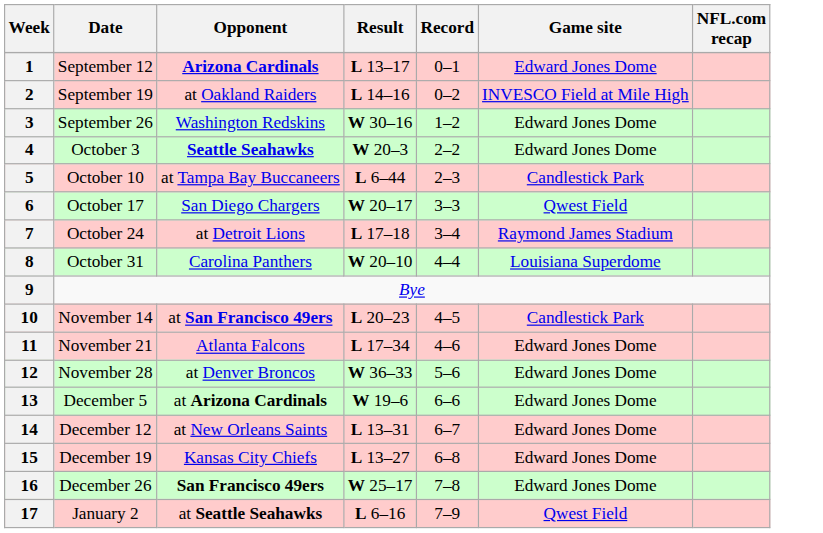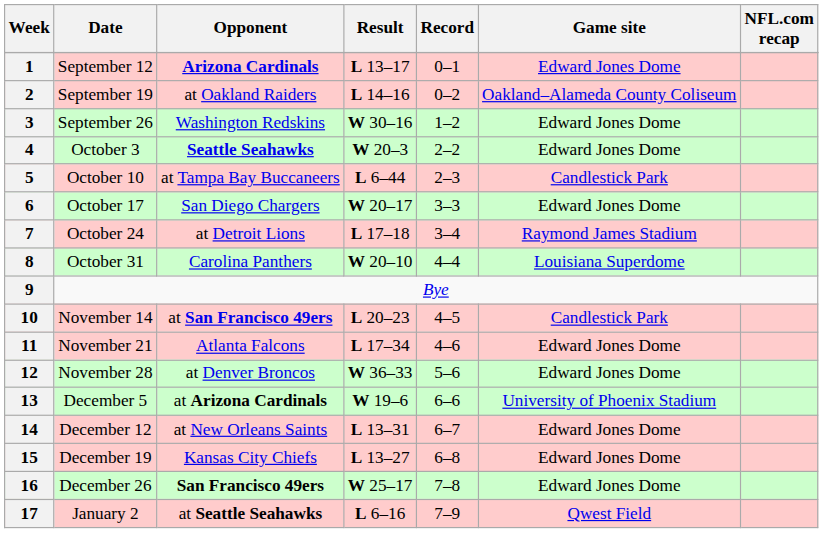 <table class="wikitable" align="center" style="font-size: 92%">
 <tr>
 <th>Week</th>
 <th>Date</th>
 <th>Opponent</th>
 <th>Result</th>
 <th>Record</th>
 <th>Game site</th>
 <th>NFL.com<br>recap</th>
 </tr>
 <tr>
 </tr>
 <tr style="background:#fcc;">
 <th>1</th>
 <td style="text-align:center;">September 12</td>
 <td style="text-align:center;"><strong><a href='#'>Arizona Cardinals</a></strong></td>
 <td style="text-align:center;"><strong>L</strong> 13–17</td>
 <td style="text-align:center;">0–1</td>
 <td style="text-align:center;"><a href='#'>Edward Jones Dome</a></td>
 <td style="text-align:center;"></td>
 </tr>
 <tr style="background:#fcc;">
 <th>2</th>
 <td style="text-align:center;">September 19</td>
 <td style="text-align:center;">at <a href='#'>Oakland Raiders</a></td>
 <td style="text-align:center;"><strong>L</strong> 14–16</td>
 <td style="text-align:center;">0–2</td>
-<td style="text-align:center;"><a href='#'>INVESCO Field at Mile High</a></td>
+<td style="text-align:center;"><a href='#'>Oakland–Alameda County Coliseum</a></td>
 <td style="text-align:center;"></td>
 </tr>
 <tr style="background:#cfc;">
 <th>3</th>
 <td style="text-align:center;">September 26</td>
 <td style="text-align:center;"><a href='#'>Washington Redskins</a></td>
 <td style="text-align:center;"><strong>W</strong> 30–16</td>
 <td style="text-align:center;">1–2</td>
 <td style="text-align:center;">Edward Jones Dome</td>
 <td style="text-align:center;"></td>
 </tr>
 <tr style="background:#cfc;">
 <th>4</th>
 <td style="text-align:center;">October 3</td>
 <td style="text-align:center;"><strong><a href='#'>Seattle Seahawks</a></strong></td>
 <td style="text-align:center;"><strong>W</strong> 20–3</td>
 <td style="text-align:center;">2–2</td>
 <td style="text-align:center;">Edward Jones Dome</td>
 <td style="text-align:center;"></td>
 </tr>
 <tr style="background:#fcc;">
 <th>5</th>
 <td style="text-align:center;">October 10</td>
 <td style="text-align:center;">at <a href='#'>Tampa Bay Buccaneers</a></td>
 <td style="text-align:center;"><strong>L</strong> 6–44</td>
 <td style="text-align:center;">2–3</td>
 <td style="text-align:center;"><a href='#'>Candlestick Park</a></td>
 <td style="text-align:center;"></td>
 </tr>
 <tr style="background:#cfc;">
 <th>6</th>
 <td style="text-align:center;">October 17</td>
 <td style="text-align:center;"><a href='#'>San Diego Chargers</a></td>
 <td style="text-align:center;"><strong>W</strong> 20–17</td>
 <td style="text-align:center;">3–3</td>
-<td style="text-align:center;"><a href='#'>Qwest Field</a></td>
+<td style="text-align:center;">Edward Jones Dome</td>
 <td style="text-align:center;"></td>
 </tr>
 <tr style="background:#fcc;">
 <th>7</th>
 <td style="text-align:center;">October 24</td>
 <td style="text-align:center;">at <a href='#'>Detroit Lions</a></td>
 <td style="text-align:center;"><strong>L</strong> 17–18</td>
 <td style="text-align:center;">3–4</td>
 <td style="text-align:center;"><a href='#'>Raymond James Stadium</a></td>
 <td style="text-align:center;"></td>
 </tr>
 <tr style="background:#cfc;">
 <th>8</th>
 <td style="text-align:center;">October 31</td>
 <td style="text-align:center;"><a href='#'>Carolina Panthers</a></td>
 <td style="text-align:center;"><strong>W</strong> 20–10</td>
 <td style="text-align:center;">4–4</td>
 <td style="text-align:center;"><a href='#'>Louisiana Superdome</a></td>
 <td style="text-align:center;"></td>
 </tr>
 <tr>
 <th>9</th>
 <td colspan="8" style="text-align:center;"><em><a href='#'>Bye</a></em></td>
 </tr>
 <tr style="background:#fcc;">
 <th>10</th>
 <td style="text-align:center;">November 14</td>
 <td style="text-align:center;">at <strong><a href='#'>San Francisco 49ers</a></strong></td>
 <td style="text-align:center;"><strong>L</strong> 20–23 </td>
 <td style="text-align:center;">4–5</td>
 <td style="text-align:center;"><a href='#'>Candlestick Park</a></td>
 <td style="text-align:center;"></td>
 </tr>
 <tr style="background:#fcc;">
 <th>11</th>
 <td style="text-align:center;">November 21</td>
 <td style="text-align:center;"><a href='#'>Atlanta Falcons</a></td>
 <td style="text-align:center;"><strong>L</strong> 17–34</td>
 <td style="text-align:center;">4–6</td>
 <td style="text-align:center;">Edward Jones Dome</td>
 <td style="text-align:center;"></td>
 </tr>
 <tr style="background:#cfc;">
 <th>12</th>
 <td style="text-align:center;">November 28</td>
 <td style="text-align:center;">at <a href='#'>Denver Broncos</a></td>
 <td style="text-align:center;"><strong>W</strong> 36–33</td>
 <td style="text-align:center;">5–6</td>
 <td style="text-align:center;">Edward Jones Dome</td>
 <td style="text-align:center;"></td>
 </tr>
 <tr style="background:#cfc;">
 <th>13</th>
 <td style="text-align:center;">December 5</td>
 <td style="text-align:center;">at <strong>Arizona Cardinals </strong></td>
 <td style="text-align:center;"><strong>W</strong> 19–6</td>
 <td style="text-align:center;">6–6</td>
-<td style="text-align:center;">Edward Jones Dome</td>
+<td style="text-align:center;"><a href='#'>University of Phoenix Stadium</a></td>
 <td style="text-align:center;"></td>
 </tr>
 <tr style="background:#fcc;">
 <th>14</th>
 <td style="text-align:center;">December 12</td>
 <td style="text-align:center;">at <a href='#'>New Orleans Saints</a></td>
 <td style="text-align:center;"><strong>L</strong> 13–31</td>
 <td style="text-align:center;">6–7</td>
 <td style="text-align:center;">Edward Jones Dome</td>
 <td style="text-align:center;"></td>
 </tr>
 <tr style="background:#fcc;">
 <th>15</th>
 <td style="text-align:center;">December 19</td>
 <td style="text-align:center;"><a href='#'>Kansas City Chiefs</a></td>
 <td style="text-align:center;"><strong>L</strong> 13–27</td>
 <td style="text-align:center;">6–8</td>
 <td style="text-align:center;">Edward Jones Dome</td>
 <td style="text-align:center;"></td>
 </tr>
 <tr style="background:#cfc;">
 <th>16</th>
 <td style="text-align:center;">December 26</td>
 <td style="text-align:center;"><strong>San Francisco 49ers</strong></td>
 <td style="text-align:center;"><strong>W</strong> 25–17</td>
 <td style="text-align:center;">7–8</td>
 <td style="text-align:center;">Edward Jones Dome</td>
 <td style="text-align:center;"></td>
 </tr>
 <tr style="background:#fcc;">
 <th>17</th>
 <td style="text-align:center;">January 2</td>
 <td style="text-align:center;">at <strong>Seattle Seahawks</strong></td>
 <td style="text-align:center;"><strong>L</strong> 6–16</td>
 <td style="text-align:center;">7–9</td>
 <td style="text-align:center;"><a href='#'>Qwest Field</a></td>
 <td style="text-align:center;"></td>
 </tr>
 </table>
